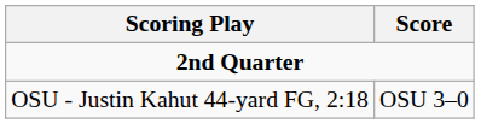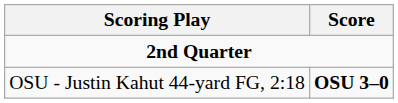 <table class="wikitable">
 <tr>
 <th>Scoring Play</th>
 <th>Score</th>
 </tr>
 <tr>
 <td colspan="4" align="center"><strong>2nd Quarter</strong></td>
 </tr>
 <tr>
 <td>OSU - Justin Kahut 44-yard FG, 2:18</td>
-<td>OSU 3–0</td>
+<td><strong>OSU 3–0</strong></td>
 </tr>
 </table>
